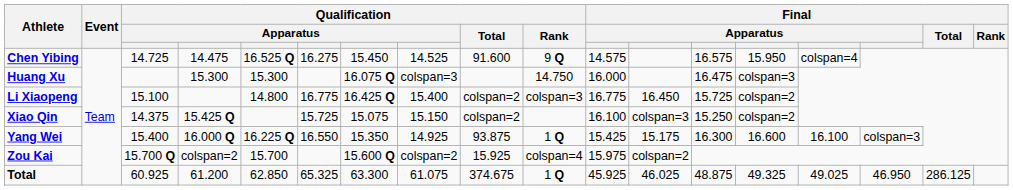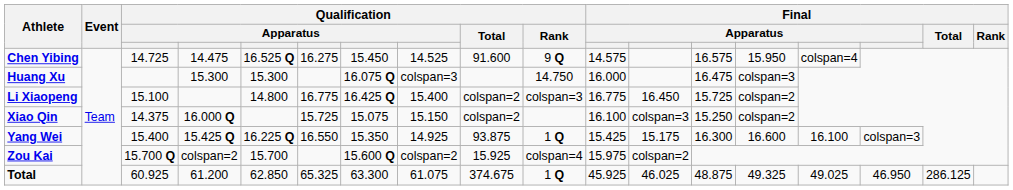 <table class="wikitable" style="font-size:90%">
 <tr>
 <th rowspan=3>Athlete</th>
 <th rowspan=3>Event</th>
 <th colspan =8>Qualification</th>
 <th colspan =8>Final</th>
 </tr>
 <tr style="font-size:95%">
 <th colspan=6>Apparatus</th>
 <th rowspan=2>Total</th>
 <th rowspan=2>Rank</th>
 <th colspan=6>Apparatus</th>
 <th rowspan=2>Total</th>
 <th rowspan=2>Rank</th>
 </tr>
 <tr style="font-size:95%">
 <th></th>
 <th></th>
 <th></th>
 <th></th>
 <th></th>
 <th></th>
 <th></th>
 <th></th>
 <th></th>
 <th></th>
 <th></th>
 <th></th>
 </tr>
 <tr align=center>
 <td align=left><strong><a href='#'>Chen Yibing</a></strong></td>
 <td rowspan=7 align=left><a href='#'>Team</a></td>
 <td>14.725</td>
 <td>14.475</td>
 <td>16.525 <strong>Q</strong></td>
 <td>16.275</td>
 <td>15.450</td>
 <td>14.525</td>
 <td>91.600</td>
 <td>9 <strong>Q</strong></td>
 <td>14.575</td>
 <td></td>
 <td>16.575</td>
 <td>15.950</td>
 <td>colspan=4 </td>
 </tr>
 <tr align=center>
 <td align=left><strong><a href='#'>Huang Xu</a></strong></td>
 <td></td>
 <td>15.300</td>
 <td>15.300</td>
 <td></td>
 <td>16.075 <strong>Q</strong></td>
 <td>colspan=3 </td>
 <td></td>
 <td>14.750</td>
 <td>16.000</td>
 <td></td>
 <td>16.475</td>
 <td>colspan=3 </td>
 </tr>
 <tr align=center>
 <td align=left><strong><a href='#'>Li Xiaopeng</a></strong></td>
 <td>15.100</td>
 <td></td>
 <td>14.800</td>
 <td>16.775</td>
 <td>16.425 <strong>Q</strong></td>
 <td>15.400</td>
 <td>colspan=2 </td>
 <td>colspan=3 </td>
 <td>16.775</td>
 <td>16.450</td>
 <td>15.725</td>
 <td>colspan=2 </td>
 </tr>
 <tr align=center>
 <td align=left><strong><a href='#'>Xiao Qin</a></strong></td>
 <td>14.375</td>
-<td>15.425 <strong>Q</strong></td>
+<td>16.000 <strong>Q</strong></td>
 <td></td>
 <td>15.725</td>
 <td>15.075</td>
 <td>15.150</td>
 <td>colspan=2 </td>
 <td></td>
 <td>16.100</td>
 <td>colspan=3 </td>
 <td>15.250</td>
 <td>colspan=2 </td>
 </tr>
 <tr align=center>
 <td align=left><strong><a href='#'>Yang Wei</a></strong></td>
 <td>15.400</td>
-<td>16.000 <strong>Q</strong></td>
+<td>15.425 <strong>Q</strong></td>
 <td>16.225 <strong>Q</strong></td>
 <td>16.550</td>
 <td>15.350</td>
 <td>14.925</td>
 <td>93.875</td>
 <td>1 <strong>Q</strong></td>
 <td>15.425</td>
 <td>15.175</td>
 <td>16.300</td>
 <td>16.600</td>
 <td>16.100</td>
 <td>colspan=3 </td>
 </tr>
 <tr align=center>
 <td align=left><strong><a href='#'>Zou Kai</a></strong></td>
 <td>15.700 <strong>Q</strong></td>
 <td>colspan=2 </td>
 <td>15.700</td>
 <td></td>
 <td>15.600 <strong>Q</strong></td>
 <td>colspan=2 </td>
 <td>15.925</td>
 <td>colspan=4 </td>
 <td>15.975</td>
 <td>colspan=2 </td>
 </tr>
 <tr align=center>
 <td align=left><strong>Total</strong></td>
 <td>60.925</td>
 <td>61.200</td>
 <td>62.850</td>
 <td>65.325</td>
 <td>63.300</td>
 <td>61.075</td>
 <td>374.675</td>
 <td>1 <strong>Q</strong></td>
 <td>45.925</td>
 <td>46.025</td>
 <td>48.875</td>
 <td>49.325</td>
 <td>49.025</td>
 <td>46.950</td>
 <td>286.125</td>
 <td></td>
 </tr>
 </table>
